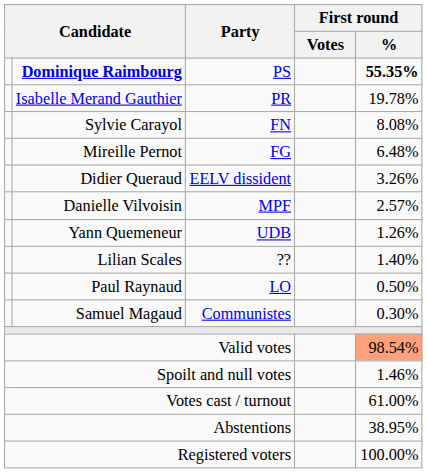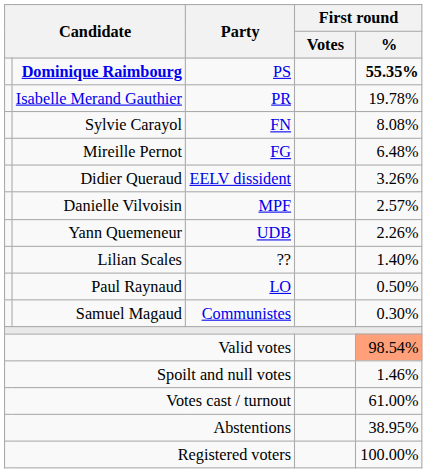 <table class="wikitable" style="text-align:right;font-size:95%;">
 <tr>
 <th rowspan=2 colspan=2>Candidate</th>
 <th rowspan=2 colspan=1>Party</th>
 <th colspan=2>First round</th>
 </tr>
 <tr>
 <th style="width:50px;">Votes</th>
 <th style="width:55px;">%</th>
 </tr>
 <tr>
 <td style="color:inherit;background-color:"></td>
 <td><strong><a href='#'>Dominique Raimbourg</a></strong></td>
 <td><a href='#'>PS</a></td>
 <td><strong></strong></td>
 <td><strong>55.35%</strong></td>
 </tr>
 <tr>
 <td style="color:inherit;background-color:"></td>
 <td><a href='#'>Isabelle Merand Gauthier</a></td>
 <td><a href='#'>PR</a></td>
 <td></td>
 <td>19.78%</td>
 </tr>
 <tr>
 <td style="color:inherit;background-color:"></td>
 <td>Sylvie Carayol</td>
 <td><a href='#'>FN</a></td>
 <td></td>
 <td>8.08%</td>
 </tr>
 <tr>
 <td style="color:inherit;background-color:"></td>
 <td>Mireille Pernot</td>
 <td><a href='#'>FG</a></td>
 <td></td>
 <td>6.48%</td>
 </tr>
 <tr>
 <td style="color:inherit;background-color:"></td>
 <td>Didier Queraud</td>
 <td><a href='#'>EELV dissident</a></td>
 <td></td>
 <td>3.26%</td>
 </tr>
 <tr>
 <td style="color:inherit;background-color:"></td>
 <td>Danielle Vilvoisin</td>
 <td><a href='#'>MPF</a></td>
 <td></td>
 <td>2.57%</td>
 </tr>
 <tr>
 <td style="color:inherit;background-color:"></td>
 <td>Yann Quemeneur</td>
 <td><a href='#'>UDB</a></td>
 <td></td>
-<td>1.26%</td>
+<td>2.26%</td>
 </tr>
 <tr>
 <td style="background-color:;"></td>
 <td>Lilian Scales</td>
 <td>??</td>
 <td></td>
 <td>1.40%</td>
 </tr>
 <tr>
 <td style="color:inherit;background-color:"></td>
 <td>Paul Raynaud</td>
 <td><a href='#'>LO</a></td>
 <td></td>
 <td>0.50%</td>
 </tr>
 <tr>
 <td style="color:inherit;background-color:"></td>
 <td>Samuel Magaud</td>
 <td><a href='#'>Communistes</a></td>
 <td></td>
 <td>0.30%</td>
 </tr>
 <tr>
 <td colspan=5 style="background-color:#E9E9E9;"></td>
 </tr>
 <tr>
 <td colspan=3>Valid votes</td>
 <td></td>
 <td style="background: lightsalmon;">98.54%</td>
 </tr>
 <tr>
 <td colspan=3>Spoilt and null votes</td>
 <td></td>
 <td>1.46%</td>
 </tr>
 <tr>
 <td colspan=3>Votes cast / turnout</td>
 <td></td>
 <td>61.00%</td>
 </tr>
 <tr>
 <td colspan=3>Abstentions</td>
 <td></td>
 <td>38.95%</td>
 </tr>
 <tr>
 <td colspan=3>Registered voters</td>
 <td></td>
 <td>100.00%</td>
 </tr>
 </table>
